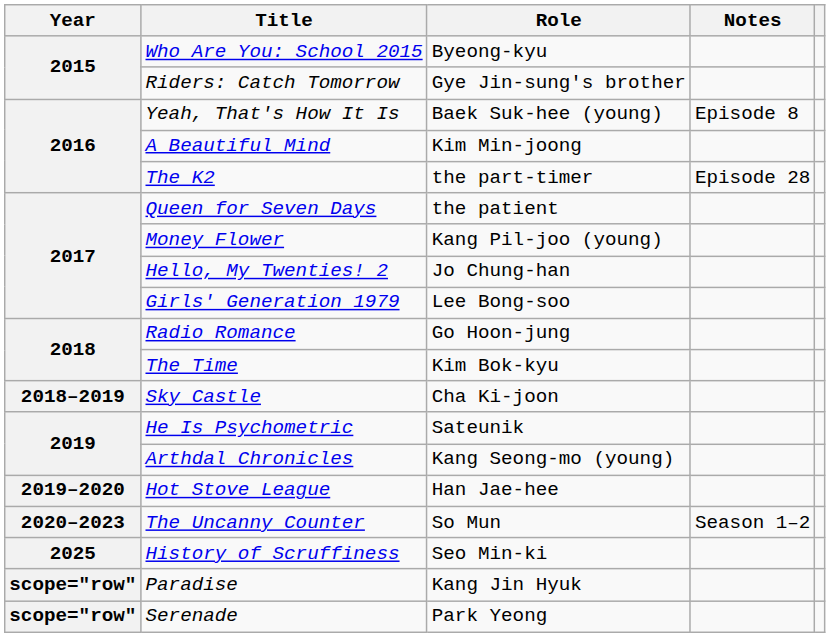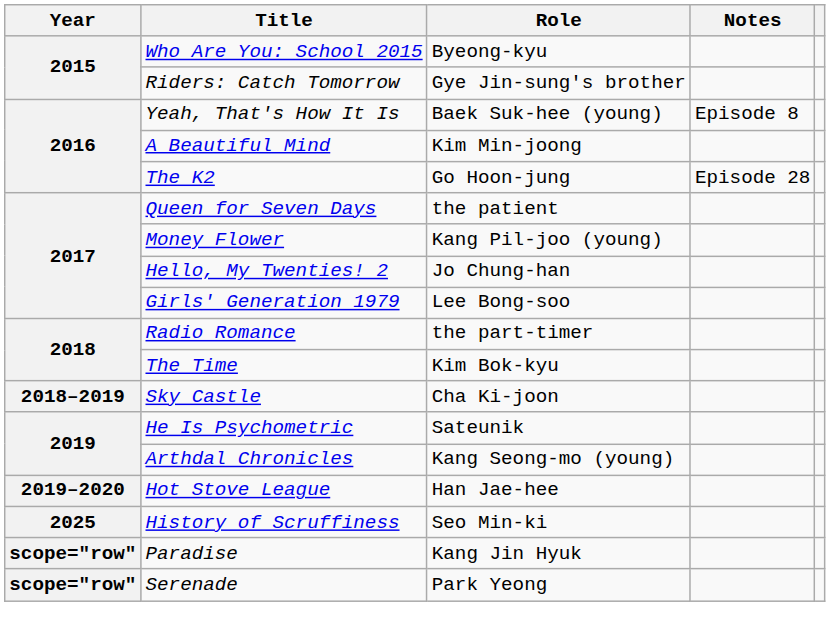 <table class="wikitable plainrowheaders sortable">
 <tr>
 <th scope="col">Year</th>
 <th scope="col">Title</th>
 <th scope="col">Role</th>
 <th scope="col">Notes</th>
 <th scope="col" class="unsortable"></th>
 </tr>
 <tr>
 <th scope="row" rowspan="2">2015</th>
 <td><em><a href='#'>Who Are You: School 2015</a></em></td>
 <td>Byeong-kyu</td>
 <td></td>
 <td></td>
 </tr>
 <tr>
 <td><em>Riders: Catch Tomorrow</em></td>
 <td>Gye Jin-sung's brother</td>
 <td></td>
 <td></td>
 </tr>
 <tr>
 <th scope="row" rowspan="3">2016</th>
 <td><em>Yeah, That's How It Is</em></td>
 <td>Baek Suk-hee (young)</td>
 <td>Episode 8</td>
 <td></td>
 </tr>
 <tr>
 <td><em><a href='#'>A Beautiful Mind</a></em></td>
 <td>Kim Min-joong</td>
 <td></td>
 <td></td>
 </tr>
 <tr>
 <td><em><a href='#'>The K2</a></em></td>
-<td>the part-timer</td>
+<td>Go Hoon-jung</td>
 <td>Episode 28</td>
 <td></td>
 </tr>
 <tr>
 <th scope="row" rowspan="4">2017</th>
 <td><em><a href='#'>Queen for Seven Days</a></em></td>
 <td>the patient</td>
 <td></td>
 <td></td>
 </tr>
 <tr>
 <td><em><a href='#'>Money Flower</a></em></td>
 <td>Kang Pil-joo (young)</td>
 <td></td>
 <td></td>
 </tr>
 <tr>
 <td><em><a href='#'>Hello, My Twenties! 2</a></em></td>
 <td>Jo Chung-han</td>
 <td></td>
 <td></td>
 </tr>
 <tr>
 <td><em><a href='#'>Girls' Generation 1979</a></em></td>
 <td>Lee Bong-soo</td>
 <td></td>
 <td></td>
 </tr>
 <tr>
 <th scope="row" rowspan="2">2018</th>
 <td><em><a href='#'>Radio Romance</a></em></td>
-<td>Go Hoon-jung</td>
+<td>the part-timer</td>
 <td></td>
 <td></td>
 </tr>
 <tr>
 <td><em><a href='#'>The Time</a></em></td>
 <td>Kim Bok-kyu</td>
 <td></td>
 <td></td>
 </tr>
 <tr>
 <th scope="row">2018–2019</th>
 <td><em><a href='#'>Sky Castle</a></em></td>
 <td>Cha Ki-joon</td>
 <td></td>
 <td></td>
 </tr>
 <tr>
 <th scope="row" rowspan="2">2019</th>
 <td><em><a href='#'>He Is Psychometric</a></em></td>
 <td>Sateunik</td>
 <td></td>
 <td></td>
 </tr>
 <tr>
 <td><em><a href='#'>Arthdal Chronicles</a></em></td>
 <td>Kang Seong-mo (young)</td>
 <td></td>
 <td></td>
 </tr>
 <tr>
 <th scope="row">2019–2020</th>
 <td><em><a href='#'>Hot Stove League</a></em></td>
 <td>Han Jae-hee</td>
 <td></td>
 <td></td>
 </tr>
 <tr>
-<th scope="row">2020–2023</th>
-<td><em><a href='#'>The Uncanny Counter</a></em></td>
-<td>So Mun</td>
-<td>Season 1–2</td>
-<td></td>
-</tr>
-<tr>
 <th scope="row">2025</th>
 <td><em><a href='#'>History of Scruffiness</a></em></td>
 <td>Seo Min-ki</td>
 <td></td>
 <td></td>
 </tr>
 <tr>
 <th>scope="row" </th>
 <td><em>Paradise</em></td>
 <td>Kang Jin Hyuk</td>
 <td></td>
 <td></td>
 </tr>
 <tr>
 <th>scope="row" </th>
 <td><em>Serenade</em></td>
 <td>Park Yeong</td>
 <td></td>
 <td></td>
 </tr>
 </table>
